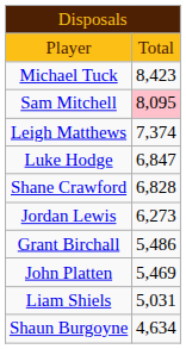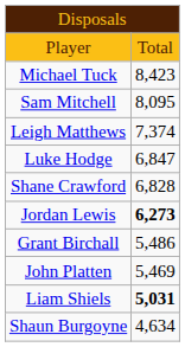 <table class="wikitable" style="text-align:center;">
 <tr>
 <td colspan="2" style="text-align:center; background: #4D2004; color: #FBBF15">Disposals</td>
 </tr>
 <tr>
 <td style="text-align:center; background: #FBBF15; color: #4D2004">Player</td>
 <td style="text-align:center; background: #FBBF15; color: #4D2004">Total</td>
 </tr>
 <tr>
 <td><a href='#'>Michael Tuck</a></td>
 <td>8,423</td>
 </tr>
 <tr>
 <td><a href='#'>Sam Mitchell</a></td>
-<td style="background: pink;">8,095</td>
+<td>8,095</td>
 </tr>
 <tr>
 <td><a href='#'>Leigh Matthews</a></td>
 <td>7,374</td>
 </tr>
 <tr>
 <td><a href='#'>Luke Hodge</a></td>
 <td>6,847</td>
 </tr>
 <tr>
 <td><a href='#'>Shane Crawford</a></td>
 <td>6,828</td>
 </tr>
 <tr>
 <td><a href='#'>Jordan Lewis</a></td>
-<td>6,273</td>
+<td><strong>6,273</strong></td>
 </tr>
 <tr>
 <td><a href='#'>Grant Birchall</a></td>
 <td>5,486</td>
 </tr>
 <tr>
 <td><a href='#'>John Platten</a></td>
 <td>5,469</td>
 </tr>
 <tr>
 <td><a href='#'>Liam Shiels</a></td>
-<td>5,031</td>
+<td><strong>5,031</strong></td>
 </tr>
 <tr>
 <td><a href='#'>Shaun Burgoyne</a></td>
 <td>4,634</td>
 </tr>
 </table>
